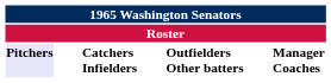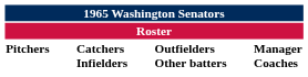 <table class="toccolours" style="font-size: 95%;">
 <tr>
 <th colspan="10" style="background-color: #002B5C; color: #FFFFFF; text-align: center;">1965 Washington Senators</th>
 </tr>
 <tr>
 <td colspan="10" style="background-color: #CE1141; color: #FFFFFF; text-align: center;"><strong>Roster</strong></td>
 </tr>
 <tr>
-<td valign="top" style="background: lavender;"><strong>Pitchers</strong><br>                 </td>
+<td valign="top"><strong>Pitchers</strong><br>                 </td>
 <td width="25px"></td>
 <td valign="top"><strong>Catchers</strong><br>      <strong>Infielders</strong>         </td>
 <td width="25px"></td>
 <td valign="top"><strong>Outfielders</strong><br>      <strong>Other batters</strong> </td>
 <td width="25px"></td>
 <td valign="top"><strong>Manager</strong><br> <strong>Coaches</strong>     </td>
 </tr>
 <tr>
 </tr>
 </table>
